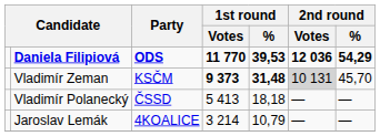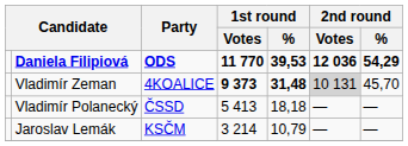 <table class="wikitable sortable">
 <tr>
 <th colspan="2" rowspan="2">Candidate</th>
 <th rowspan="2">Party</th>
 <th colspan="2">1st round</th>
 <th colspan="2">2nd round</th>
 </tr>
 <tr>
 <th>Votes</th>
 <th>%</th>
 <th>Votes</th>
 <th>%</th>
 </tr>
 <tr>
 <td style="background-color:"></td>
 <td><strong><a href='#'>Daniela Filipiová</a></strong></td>
 <td><a href='#'><strong>ODS</strong></a></td>
 <td><strong>11 770</strong></td>
 <td><strong>39,53</strong></td>
 <td><strong>12 036</strong></td>
 <td><strong>54,29</strong></td>
 </tr>
 <tr>
 <td style="background-color:"></td>
 <td>Vladimír Zeman</td>
-<td><a href='#'>KSČM</a></td>
+<td><a href='#'>4KOALICE</a></td>
 <td><strong>9 373</strong></td>
 <td><strong>31,48</strong></td>
 <td style="background: lightgrey;">10 131</td>
 <td>45,70</td>
 </tr>
 <tr>
 <td style="background-color:"></td>
 <td>Vladimír Polanecký</td>
 <td><a href='#'>ČSSD</a></td>
 <td>5 413</td>
 <td>18,18</td>
 <td>—</td>
 <td>—</td>
 </tr>
 <tr>
 <td style="background-color:"></td>
 <td>Jaroslav Lemák</td>
-<td><a href='#'>4KOALICE</a></td>
+<td><a href='#'>KSČM</a></td>
 <td>3 214</td>
 <td>10,79</td>
 <td>—</td>
 <td>—</td>
 </tr>
 <tr>
 </tr>
 </table>
